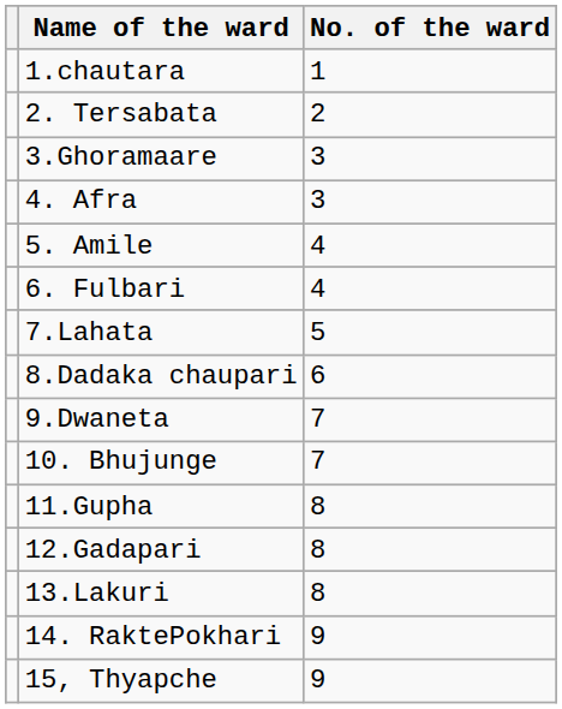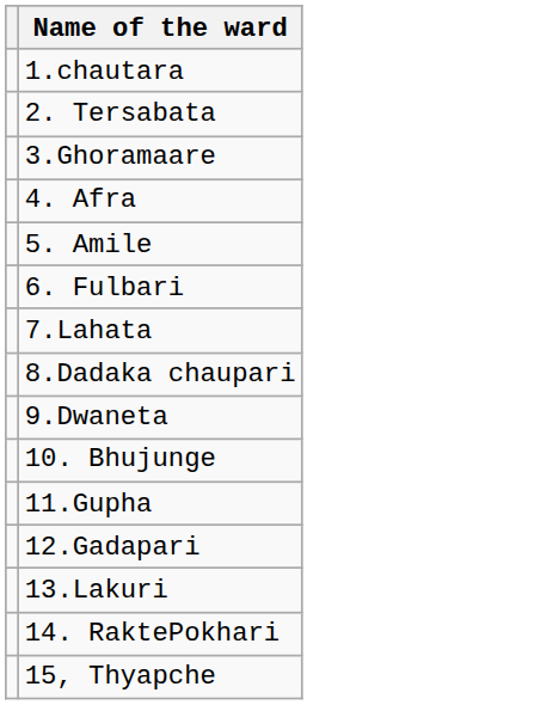 <table class="wikitable">
 <tr>
 <th></th>
 <th>Name of the ward</th>
-<th>No. of the ward</th>
 </tr>
 <tr>
 <td></td>
 <td>1.chautara</td>
-<td>1</td>
 </tr>
 <tr>
 <td></td>
 <td>2. Tersabata</td>
-<td>2</td>
 </tr>
 <tr>
 <td></td>
 <td>3.Ghoramaare</td>
-<td>3</td>
 </tr>
 <tr>
 <td></td>
 <td>4. Afra</td>
-<td>3</td>
 </tr>
 <tr>
 <td></td>
 <td>5. Amile</td>
-<td>4</td>
 </tr>
 <tr>
 <td></td>
 <td>6. Fulbari</td>
-<td>4</td>
 </tr>
 <tr>
 <td></td>
 <td>7.Lahata</td>
-<td>5</td>
 </tr>
 <tr>
 <td></td>
 <td>8.Dadaka chaupari</td>
-<td>6</td>
 </tr>
 <tr>
 <td></td>
 <td>9.Dwaneta</td>
-<td>7</td>
 </tr>
 <tr>
 <td></td>
 <td>10. Bhujunge</td>
-<td>7</td>
 </tr>
 <tr>
 <td></td>
 <td>11.Gupha</td>
-<td>8</td>
 </tr>
 <tr>
 <td></td>
 <td>12.Gadapari</td>
-<td>8</td>
 </tr>
 <tr>
 <td></td>
 <td>13.Lakuri</td>
-<td>8</td>
 </tr>
 <tr>
 <td></td>
 <td>14. RaktePokhari</td>
-<td>9</td>
 </tr>
 <tr>
 <td></td>
 <td>15, Thyapche</td>
-<td>9</td>
 </tr>
 </table>
